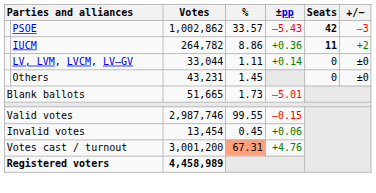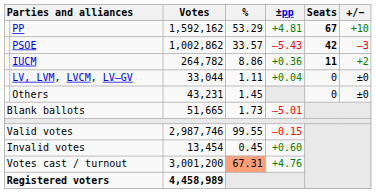 <table class="wikitable" style="text-align:right;">
 <tr>
 <th style="text-align:left;" colspan="2" width="200">Parties and alliances</th>
 <th width="75">Votes</th>
 <th width="45">%</th>
 <th width="45">±<a href='#'>pp</a></th>
 <th width="35">Seats</th>
 <th width="35">+/−</th>
+</tr>
+<tr>
+<td width="1" style="color:inherit;background:"></td>
+<td align="left"><a href='#'>PP</a></td>
+<td>1,592,162</td>
+<td>53.29</td>
+<td style="color:green;">+4.81</td>
+<td><strong>67</strong></td>
+<td style="color:green;">+10</td>
 </tr>
 <tr>
 <td style="color:inherit;background:"></td>
 <td align="left"><a href='#'>PSOE</a></td>
 <td>1,002,862</td>
 <td>33.57</td>
 <td style="color:red;">–5.43</td>
 <td><strong>42</strong></td>
 <td style="color:red;">–3</td>
 </tr>
 <tr>
 <td style="color:inherit;background:"></td>
 <td align="left"><a href='#'>IUCM</a></td>
 <td>264,782</td>
 <td>8.86</td>
 <td style="color:green;">+0.36</td>
 <td><strong>11</strong></td>
 <td style="color:green;">+2</td>
 </tr>
 <tr>
 <td style="color:inherit;background:"></td>
 <td align="left"><a href='#'>LV, LVM</a>, <a href='#'>LVCM</a>, <a href='#'>LV–GV</a></td>
 <td>33,044</td>
 <td>1.11</td>
-<td style="color:green;">+0.14</td>
+<td style="color:green;">+0.04</td>
 <td>0</td>
 <td>±0</td>
 </tr>
 <tr>
 <td bgcolor="white"></td>
 <td align="left">Others</td>
 <td>43,231</td>
 <td>1.45</td>
 <td bgcolor="#E9E9E9"></td>
 <td>0</td>
 <td>±0</td>
 </tr>
 <tr>
 <td align="left" colspan="2">Blank ballots</td>
 <td>51,665</td>
 <td>1.73</td>
 <td style="color:red;">–5.01</td>
 <td bgcolor="#E9E9E9" colspan="2"></td>
 </tr>
 <tr>
 <td colspan="7" bgcolor="#E9E9E9"></td>
 </tr>
 <tr>
 <td align="left" colspan="2">Valid votes</td>
 <td>2,987,746</td>
 <td>99.55</td>
 <td style="color:red;">–0.15</td>
 <td bgcolor="#E9E9E9" colspan="2" rowspan="4"></td>
 </tr>
 <tr>
 <td align="left" colspan="2">Invalid votes</td>
 <td>13,454</td>
 <td>0.45</td>
-<td style="color:green;">+0.06</td>
+<td style="color:green;">+0.60</td>
 </tr>
 <tr>
 <td align="left" colspan="2">Votes cast / turnout</td>
 <td>3,001,200</td>
 <td style="background: lightsalmon;">67.31</td>
 <td style="color:green;">+4.76</td>
 </tr>
 <tr style="font-weight:bold;">
 <td align="left" colspan="2">Registered voters</td>
 <td>4,458,989</td>
 <td bgcolor="#E9E9E9" colspan="2"></td>
 </tr>
 </table>
